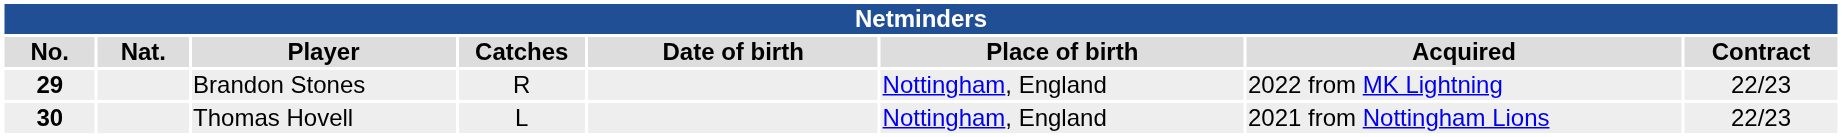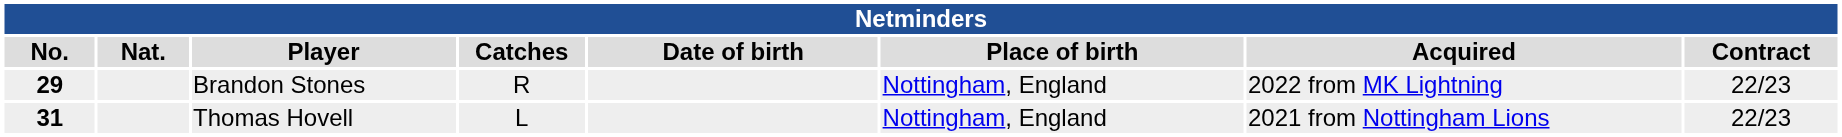 <table class="toccolours"  style="width:97%; clear:both; margin:1.5em auto; text-align:center;">
 <tr>
 <th colspan="10" style="background:#204f95; color:#ffffff;”">Netminders</th>
 </tr>
 <tr style="background:#ddd;">
 <th width=5%>No.</th>
 <th width=5%>Nat.</th>
 <th !width=22%>Player</th>
 <th width=7%>Catches</th>
 <th width=16%>Date of birth</th>
 <th width=20%>Place of birth</th>
 <th width=24%>Acquired</th>
 <td><strong>Contract</strong></td>
 </tr>
 <tr style="background:#eee;">
 <td><strong>29</strong></td>
 <td></td>
 <td align=left>Brandon Stones</td>
 <td>R</td>
 <td align=left></td>
 <td align=left><a href='#'>Nottingham</a>, England</td>
 <td align=left>2022 from <a href='#'>MK Lightning</a></td>
 <td>22/23</td>
 </tr>
 <tr style="background:#eee;">
-<td><strong>30</strong></td>
+<td><strong>31</strong></td>
 <td></td>
 <td align=left>Thomas Hovell</td>
 <td>L</td>
 <td align=left></td>
 <td align=left><a href='#'>Nottingham</a>, England</td>
 <td align=left>2021 from <a href='#'>Nottingham Lions</a></td>
 <td>22/23</td>
 </tr>
 </table>
